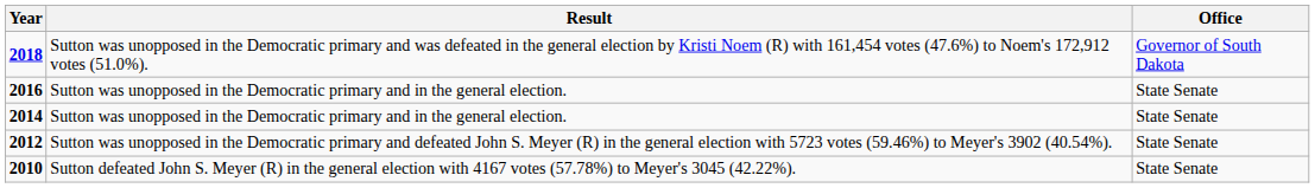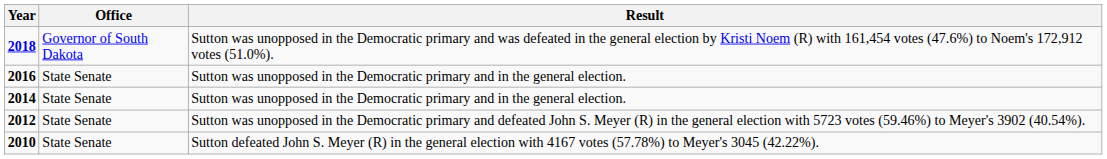 <table class="wikitable">
 <tr>
 <th>Year</th>
+<th>Office</th>
 <th>Result</th>
-<th>Office</th>
 </tr>
 <tr>
 <td><strong><a href='#'>2018</a></strong></td>
+<td><a href='#'>Governor of South Dakota</a></td>
 <td>Sutton was unopposed in the Democratic primary and was defeated in the general election by <a href='#'>Kristi Noem</a> (R) with 161,454 votes (47.6%) to Noem's 172,912 votes (51.0%).</td>
-<td><a href='#'>Governor of South Dakota</a></td>
 </tr>
 <tr>
 <td><strong>2016</strong></td>
+<td>State Senate</td>
 <td>Sutton was unopposed in the Democratic primary and in the general election.</td>
-<td>State Senate</td>
 </tr>
 <tr>
 <td><strong>2014</strong></td>
+<td>State Senate</td>
 <td>Sutton was unopposed in the Democratic primary and in the general election.</td>
-<td>State Senate</td>
 </tr>
 <tr>
 <td><strong>2012</strong></td>
+<td>State Senate</td>
 <td>Sutton was unopposed in the Democratic primary and defeated John S. Meyer (R) in the general election with 5723 votes (59.46%) to Meyer's 3902 (40.54%).</td>
-<td>State Senate</td>
 </tr>
 <tr>
 <td><strong>2010</strong></td>
+<td>State Senate</td>
 <td>Sutton defeated John S. Meyer (R) in the general election with 4167 votes (57.78%) to Meyer's 3045 (42.22%).</td>
-<td>State Senate</td>
 </tr>
 </table>
